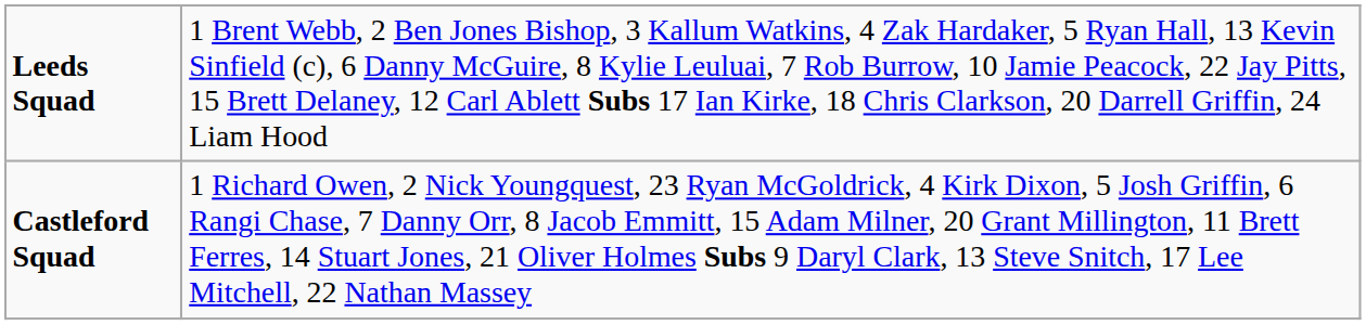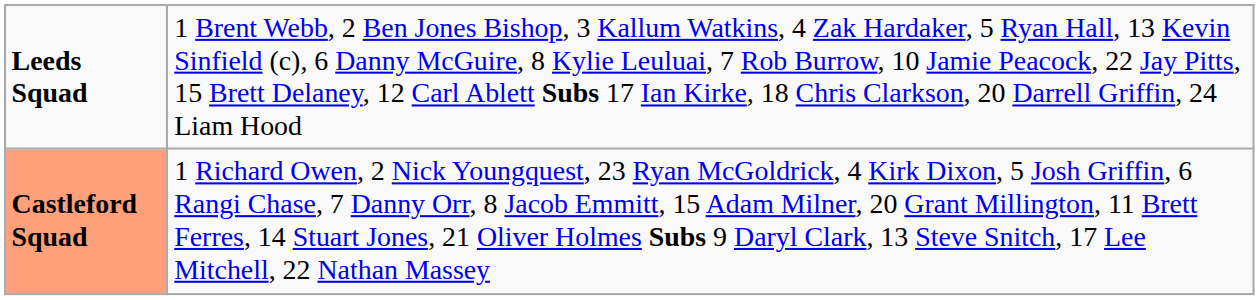 <table class="wikitable" style="font-size:85%;">
 <tr>
 <td><strong>Leeds Squad</strong></td>
 <td>1 <a href='#'>Brent Webb</a>, 2 <a href='#'>Ben Jones Bishop</a>, 3 <a href='#'>Kallum Watkins</a>, 4 <a href='#'>Zak Hardaker</a>, 5 <a href='#'>Ryan Hall</a>, 13 <a href='#'>Kevin Sinfield</a> (c), 6 <a href='#'>Danny McGuire</a>, 8 <a href='#'>Kylie Leuluai</a>, 7 <a href='#'>Rob Burrow</a>, 10 <a href='#'>Jamie Peacock</a>, 22 <a href='#'>Jay Pitts</a>, 15 <a href='#'>Brett Delaney</a>, 12 <a href='#'>Carl Ablett</a> <strong>Subs</strong> 17 <a href='#'>Ian Kirke</a>, 18 <a href='#'>Chris Clarkson</a>, 20 <a href='#'>Darrell Griffin</a>, 24 Liam Hood</td>
 </tr>
 <tr>
-<td><strong>Castleford Squad</strong></td>
+<td style="background: lightsalmon;"><strong>Castleford Squad</strong></td>
 <td>1 <a href='#'>Richard Owen</a>, 2 <a href='#'>Nick Youngquest</a>, 23 <a href='#'>Ryan McGoldrick</a>, 4 <a href='#'>Kirk Dixon</a>, 5 <a href='#'>Josh Griffin</a>, 6 <a href='#'>Rangi Chase</a>, 7 <a href='#'>Danny Orr</a>, 8 <a href='#'>Jacob Emmitt</a>, 15 <a href='#'>Adam Milner</a>, 20 <a href='#'>Grant Millington</a>, 11 <a href='#'>Brett Ferres</a>, 14 <a href='#'>Stuart Jones</a>, 21 <a href='#'>Oliver Holmes</a> <strong>Subs</strong> 9 <a href='#'>Daryl Clark</a>, 13 <a href='#'>Steve Snitch</a>, 17 <a href='#'>Lee Mitchell</a>, 22 <a href='#'>Nathan Massey</a></td>
 </tr>
 </table>
